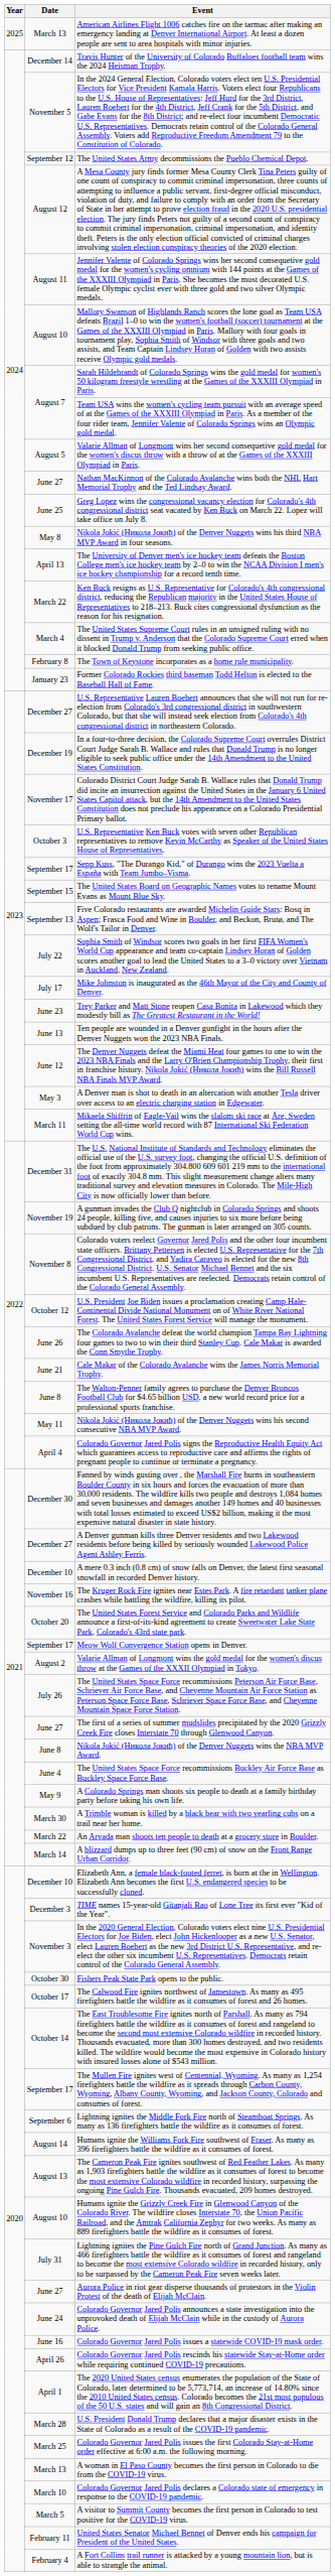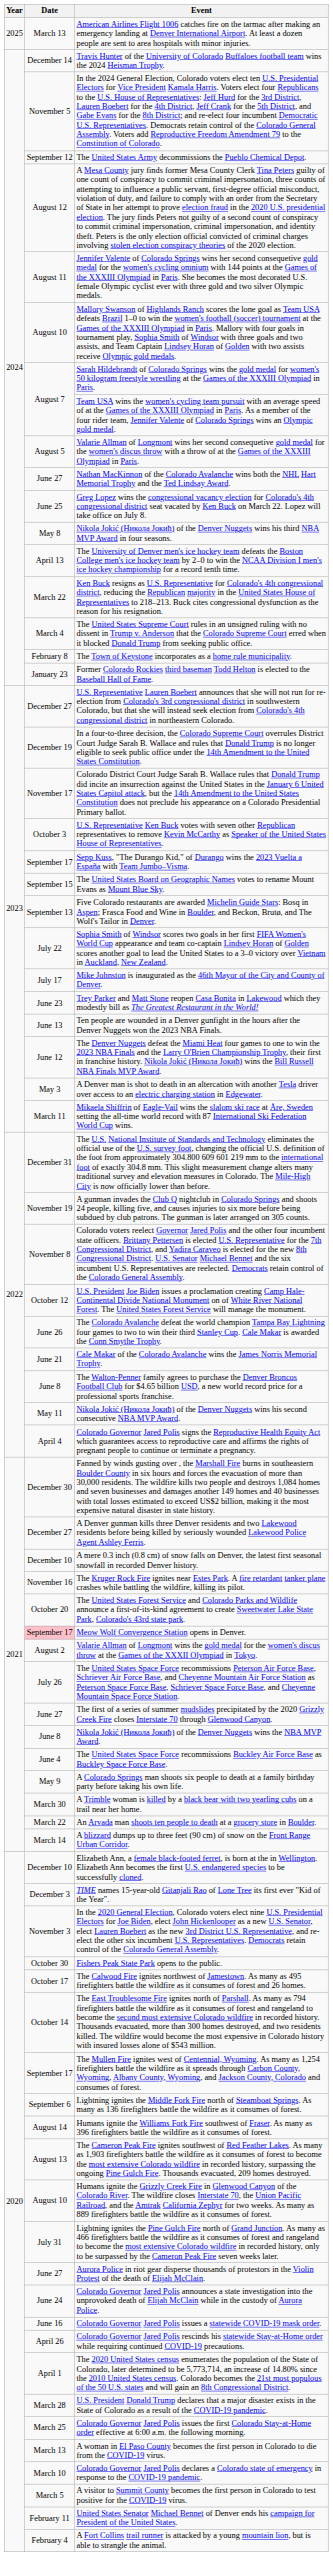 <table class="wikitable" style="width:100%;">
 <tr>
 <th style="width:6%">Year</th>
 <th style="width:8%">Date</th>
 <th style="width:86%">Event</th>
 </tr>
 <tr>
 <td align=center rowspan=1>2025</td>
 <td align=center>March 13</td>
 <td><a href='#'>American Airlines Flight 1006</a> catches fire on the tarmac after making an emergency landing at <a href='#'>Denver International Airport</a>. At least a dozen people are sent to area hospitals with minor injuries.</td>
 </tr>
 <tr>
 <td align=center rowspan=17>2024</td>
 <td align=center>December 14</td>
 <td><a href='#'>Travis Hunter</a> of the <a href='#'>University of Colorado</a> <a href='#'>Buffaloes football team</a> wins the 2024 <a href='#'>Heisman Trophy</a>.</td>
 </tr>
 <tr>
 <td align=center>November 5</td>
 <td>In the 2024 General Election, Colorado voters elect ten <a href='#'>U.S. Presidential Electors</a> for <a href='#'>Vice President</a> <a href='#'>Kamala Harris</a>. Voters elect four <a href='#'>Republicans</a> to the <a href='#'>U.S. House of Representatives</a>: <a href='#'>Jeff Hurd</a> for the <a href='#'>3rd District</a>, <a href='#'>Lauren Boebert</a> for the <a href='#'>4th District</a>, <a href='#'>Jeff Crank</a> for the <a href='#'>5th District</a>, and <a href='#'>Gabe Evans</a> for the <a href='#'>8th District</a>; and re-elect four incumbent <a href='#'>Democratic</a> <a href='#'>U.S. Representatives</a>. Democrats retain control of the <a href='#'>Colorado General Assembly</a>. Voters add <a href='#'>Reproductive Freedom Amendment 79</a> to the <a href='#'>Constitution of Colorado</a>.</td>
 </tr>
 <tr>
 <td align=center>September 12</td>
 <td>The <a href='#'>United States Army</a> decommissions the <a href='#'>Pueblo Chemical Depot</a>.</td>
 </tr>
 <tr>
 <td align=center>August 12</td>
 <td>A <a href='#'>Mesa County</a> jury finds former Mesa County Clerk <a href='#'>Tina Peters</a> guilty of one count of conspiracy to commit criminal impersonation, three counts of attempting to influence a public servant, first-degree official misconduct, violation of duty, and failure to comply with an order from the Secretary of State in her attempt to prove <a href='#'>election fraud</a> in the <a href='#'>2020 U.S. presidential election</a>. The jury finds Peters not guilty of a second count of conspiracy to commit criminal impersonation, criminal impersonation, and identity theft. Peters is the only election official convicted of criminal charges involving <a href='#'>stolen election conspiracy theories</a> of the 2020 election.</td>
 </tr>
 <tr>
 <td align=center>August 11</td>
 <td><a href='#'>Jennifer Valente</a> of <a href='#'>Colorado Springs</a> wins her second consequetive <a href='#'>gold medal</a> for the <a href='#'>women's cycling omnium</a> with 144 points at the <a href='#'>Games of the XXXIII Olympiad</a> in <a href='#'>Paris</a>. She becomes the most decorated U.S. female Olympic cyclist ever with three gold and two silver Olympic medals.</td>
 </tr>
 <tr>
 <td align=center>August 10</td>
 <td><a href='#'>Mallory Swanson</a> of <a href='#'>Highlands Ranch</a> scores the lone goal as <a href='#'>Team USA</a> defeats <a href='#'>Brazil</a> 1–0 to win the <a href='#'>women's football (soccer) tournament</a> at the <a href='#'>Games of the XXXIII Olympiad</a> in <a href='#'>Paris</a>. Mallory with four goals in tournament play, <a href='#'>Sophia Smith</a> of <a href='#'>Windsor</a> with three goals and two assists, and Team Captain <a href='#'>Lindsey Horan</a> of <a href='#'>Golden</a> with two assists receive <a href='#'>Olympic gold medals</a>.</td>
 </tr>
 <tr>
 <td align=center rowspan=2>August 7</td>
 <td><a href='#'>Sarah Hildebrandt</a> of <a href='#'>Colorado Springs</a> wins the <a href='#'>gold medal</a> for <a href='#'>women's 50 kilogram freestyle wrestling</a> at the <a href='#'>Games of the XXXIII Olympiad</a> in <a href='#'>Paris</a>.</td>
 </tr>
 <tr>
 <td><a href='#'>Team USA</a> wins the <a href='#'>women's cycling team pursuit</a> with an average speed of  at the <a href='#'>Games of the XXXIII Olympiad</a> in <a href='#'>Paris</a>. As a member of the four rider team, <a href='#'>Jennifer Valente</a> of <a href='#'>Colorado Springs</a> wins an <a href='#'>Olympic gold medal</a>.</td>
 </tr>
 <tr>
 <td align=center>August 5</td>
 <td><a href='#'>Valarie Allman</a> of <a href='#'>Longmont</a> wins her second consequetive <a href='#'>gold medal</a> for the <a href='#'>women's discus throw</a> with a throw of  at the <a href='#'>Games of the XXXIII Olympiad</a> in <a href='#'>Paris</a>.</td>
 </tr>
 <tr>
 <td align=center>June 27</td>
 <td><a href='#'>Nathan MacKinnon</a> of the <a href='#'>Colorado Avalanche</a> wins both the <a href='#'>NHL</a> <a href='#'>Hart Memorial Trophy</a> and the <a href='#'>Ted Lindsay Award</a>.</td>
 </tr>
 <tr>
 <td align=center>June 25</td>
 <td><a href='#'>Greg Lopez</a> wins the <a href='#'>congressional vacancy election</a> for <a href='#'>Colorado's 4th congressional district</a> seat vacated by <a href='#'>Ken Buck</a> on March 22. Lopez will take office on July 8.</td>
 </tr>
 <tr>
 <td align=center>May 8</td>
 <td><a href='#'>Nikola Jokić (Никола Јокић)</a> of the <a href='#'>Denver Nuggets</a> wins his third <a href='#'>NBA MVP Award</a> in four seasons.</td>
 </tr>
 <tr>
 <td align=center>April 13</td>
 <td>The <a href='#'>University of Denver men's ice hockey team</a> defeats the <a href='#'>Boston College men's ice hockey team</a> by 2–0 to win the <a href='#'>NCAA Division I men's ice hockey championship</a> for a record tenth time.</td>
 </tr>
 <tr>
 <td align=center>March 22</td>
 <td><a href='#'>Ken Buck</a> resigns as <a href='#'>U.S. Representative</a> for <a href='#'>Colorado's 4th congressional district</a>, reducing the <a href='#'>Republican</a> <a href='#'>majority</a> in the <a href='#'>United States House of Representatives</a> to 218–213. Buck cites congressional dysfunction as the reason for his resignation.</td>
 </tr>
 <tr>
 <td align=center>March 4</td>
 <td>The <a href='#'>United States Supreme Court</a> rules in an unsigned ruling with no dissent in <a href='#'>Trump v. Anderson</a> that the <a href='#'>Colorado Supreme Court</a> erred when it blocked <a href='#'>Donald Trump</a> from seeking public office.</td>
 </tr>
 <tr>
 <td align=center>February 8</td>
 <td>The <a href='#'>Town of Keystone</a> incorporates as a <a href='#'>home rule municipality</a>.</td>
 </tr>
 <tr>
 <td align=center>January 23</td>
 <td>Former <a href='#'>Colorado Rockies</a> <a href='#'>third baseman</a> <a href='#'>Todd Helton</a> is elected to the <a href='#'>Baseball Hall of Fame</a>.</td>
 </tr>
 <tr>
 <td align=center rowspan=14>2023</td>
 <td align=center>December 27</td>
 <td><a href='#'>U.S. Representative</a> <a href='#'>Lauren Boebert</a> announces that she will not run for re-election from <a href='#'>Colorado's 3rd congressional district</a> in southwestern Colorado, but that she will instead seek election from <a href='#'>Colorado's 4th congressional district</a> in northeastern Colorado.</td>
 </tr>
 <tr>
 <td align=center>December 19</td>
 <td>In a four-to-three decision, the <a href='#'>Colorado Supreme Court</a> overrules District Court Judge Sarah B. Wallace and rules that <a href='#'>Donald Trump</a> is no longer eligible to seek public office under the <a href='#'>14th Amendment to the United States Constitution</a>.</td>
 </tr>
 <tr>
 <td align=center>November 17</td>
 <td>Colorado District Court Judge Sarah B. Wallace rules that <a href='#'>Donald Trump</a> did incite an insurrection against the United States in the <a href='#'>January 6 United States Capitol attack</a>, but the <a href='#'>14th Amendment to the United States Constitution</a> does not preclude his appearance on a Colorado Presidential Primary ballot.</td>
 </tr>
 <tr>
 <td align=center>October 3</td>
 <td><a href='#'>U.S. Representative</a> <a href='#'>Ken Buck</a> votes with seven other <a href='#'>Republican</a> representatives to remove <a href='#'>Kevin McCarthy</a> as <a href='#'>Speaker of the United States House of Representatives</a>.</td>
 </tr>
 <tr>
 <td align=center>September 17</td>
 <td><a href='#'>Sepp Kuss</a>, "The Durango Kid," of <a href='#'>Durango</a> wins the <a href='#'>2023 Vuelta a España</a> with <a href='#'>Team Jumbo–Visma</a>.</td>
 </tr>
 <tr>
 <td align=center>September 15</td>
 <td>The <a href='#'>United States Board on Geographic Names</a> votes to rename  Mount Evans as <a href='#'>Mount Blue Sky</a>.</td>
 </tr>
 <tr>
 <td align=center>September 13</td>
 <td>Five Colorado restaurants are awarded <a href='#'>Michelin Guide Stars</a>: Bosq in <a href='#'>Aspen</a>; Frasca Food and Wine in <a href='#'>Boulder</a>, and Beckon, Brutø, and The Wolf's Tailor in <a href='#'>Denver</a>.</td>
 </tr>
 <tr>
 <td align=center>July 22</td>
 <td><a href='#'>Sophia Smith</a> of <a href='#'>Windsor</a> scores two goals in her first <a href='#'>FIFA Women's World Cup</a> appearance and team co-captain <a href='#'>Lindsey Horan</a> of <a href='#'>Golden</a> scores another goal to lead the United States to a 3–0 victory over <a href='#'>Vietnam</a> in <a href='#'>Auckland</a>, <a href='#'>New Zealand</a>.</td>
 </tr>
 <tr>
 <td align=center>July 17</td>
 <td><a href='#'>Mike Johnston</a> is inaugurated as the <a href='#'>46th Mayor of the City and County of Denver</a>.</td>
 </tr>
 <tr>
 <td align=center>June 23</td>
 <td><a href='#'>Trey Parker</a> and <a href='#'>Matt Stone</a> reopen <a href='#'>Casa Bonita</a> in <a href='#'>Lakewood</a> which they modestly bill as <em><a href='#'>The Greatest Restaurant in the World!</a></em></td>
 </tr>
 <tr>
 <td align=center>June 13</td>
 <td>Ten people are wounded in a Denver gunfight in the hours after the Denver Nuggets won the 2023 NBA Finals.</td>
 </tr>
 <tr>
 <td align=center>June 12</td>
 <td>The <a href='#'>Denver Nuggets</a> defeat the <a href='#'>Miami Heat</a> four games to one to win the <a href='#'>2023 NBA Finals</a> and the <a href='#'>Larry O'Brien Championship Trophy</a>, their first in franchise history. <a href='#'>Nikola Jokić (Никола Јокић)</a> wins the <a href='#'>Bill Russell NBA Finals MVP Award</a>.</td>
 </tr>
 <tr>
 <td align=center>May 3</td>
 <td>A Denver man is shot to death in an altercation with another <a href='#'>Tesla</a> driver over access to an <a href='#'>electric charging station</a> in <a href='#'>Edgewater</a>.</td>
 </tr>
 <tr>
 <td align=center>March 11</td>
 <td><a href='#'>Mikaela Shiffrin</a> of <a href='#'>Eagle-Vail</a> wins the <a href='#'>slalom ski race</a> at <a href='#'>Åre, Sweden</a> setting the all-time world record with 87 <a href='#'>International Ski Federation</a> <a href='#'>World Cup</a> wins.</td>
 </tr>
 <tr>
 <td align=center rowspan=9>2022</td>
 <td align=center>December 31</td>
 <td>The <a href='#'>U.S.</a> <a href='#'>National Institute of Standards and Technology</a> eliminates the official use of the <a href='#'>U.S. survey foot</a>, changing the official U.S. definition of the foot from approximately 304.800 609 601 219 mm to the <a href='#'>international foot</a> of exactly 304.8 mm. This slight measurement change alters many traditional survey and elevation measures in Colorado. The <a href='#'>Mile-High City</a> is now officially  lower than before.</td>
 </tr>
 <tr>
 <td align=center>November 19</td>
 <td>A gunman invades the <a href='#'>Club Q</a> nightclub in <a href='#'>Colorado Springs</a> and shoots 24 people, killing five, and causes injuries to six more before being subdued by club patrons. The gunman is later arranged on 305 counts.</td>
 </tr>
 <tr>
 <td align=center>November 8</td>
 <td>Colorado voters reelect <a href='#'>Governor</a> <a href='#'>Jared Polis</a> and the other four incumbent state officers. <a href='#'>Brittany Pettersen</a> is elected <a href='#'>U.S. Representative</a> for the <a href='#'>7th Congressional District</a>, and <a href='#'>Yadira Caraveo</a> is elected for the new <a href='#'>8th Congressional District</a>. <a href='#'>U.S. Senator</a> <a href='#'>Michael Bennet</a> and the six incumbent U.S. Representatives are reelected. <a href='#'>Democrats</a> retain control of the <a href='#'>Colorado General Assembly</a>.</td>
 </tr>
 <tr>
 <td align=center>October 12</td>
 <td><a href='#'>U.S. President</a> <a href='#'>Joe Biden</a> issues a proclamation creating <a href='#'>Camp Hale-Continental Divide National Monument</a> on  of <a href='#'>White River National Forest</a>. The <a href='#'>United States Forest Service</a> will manage the monument.</td>
 </tr>
 <tr>
 <td align=center>June 26</td>
 <td>The <a href='#'>Colorado Avalanche</a> defeat the world champion <a href='#'>Tampa Bay Lightning</a> four games to two to win their third <a href='#'>Stanley Cup</a>. <a href='#'>Cale Makar</a> is awarded the <a href='#'>Conn Smythe Trophy</a>.</td>
 </tr>
 <tr>
 <td align=center>June 21</td>
 <td><a href='#'>Cale Makar</a> of the <a href='#'>Colorado Avalanche</a> wins the <a href='#'>James Norris Memorial Trophy</a>.</td>
 </tr>
 <tr>
 <td align=center>June 8</td>
 <td>The <a href='#'>Walton-</a><a href='#'>Penner</a> family agrees to purchase the <a href='#'>Denver Broncos Football Club</a> for $4.65 billion <a href='#'>USD</a>, a new world record price for a professional sports franchise.</td>
 </tr>
 <tr>
 <td align=center>May 11</td>
 <td><a href='#'>Nikola Jokić (Никола Јокић)</a> of the <a href='#'>Denver Nuggets</a> wins his second consecutive <a href='#'>NBA MVP Award</a>.</td>
 </tr>
 <tr>
 <td align=center>April 4</td>
 <td><a href='#'>Colorado Governor</a> <a href='#'>Jared Polis</a> signs the <a href='#'>Reproductive Health Equity Act</a> which guarantees access to reproductive care and affirms the rights of pregnant people to continue or terminate a pregnancy.</td>
 </tr>
 <tr>
 <td align=center rowspan=15>2021</td>
 <td align=center>December 30</td>
 <td>Fanned by winds gusting over , the <a href='#'>Marshall Fire</a> burns  in southeastern <a href='#'>Boulder County</a> in six hours and forces the evacuation of more than 30,000 residents. The wildfire kills two people and destroys 1,084 homes and seven businesses and damages another 149 homes and 40 businesses with total losses estimated to exceed US$2 billion, making it the most expensive natural disaster in state history.</td>
 </tr>
 <tr>
 <td align=center>December 27</td>
 <td>A Denver gunman kills three Denver residents and two <a href='#'>Lakewood</a> residents before being killed by seriously wounded <a href='#'>Lakewood Police Agent Ashley Ferris</a>.</td>
 </tr>
 <tr>
 <td align=center>December 10</td>
 <td>A mere 0.3 inch (0.8 cm) of snow falls on Denver, the latest first seasonal snowfall in recorded Denver history.</td>
 </tr>
 <tr>
 <td align=center>November 16</td>
 <td>The <a href='#'>Kruger Rock Fire</a> ignites near <a href='#'>Estes Park</a>. A <a href='#'>fire retardant</a> <a href='#'>tanker plane</a> crashes while battling the wildfire, killing its pilot.</td>
 </tr>
 <tr>
 <td align=center>October 20</td>
 <td>The <a href='#'>United States Forest Service</a> and <a href='#'>Colorado Parks and Wildlife</a> announce a first-of-its-kind agreement to create <a href='#'>Sweetwater Lake State Park</a>, <a href='#'>Colorado's 43rd state park</a>.</td>
 </tr>
 <tr>
-<td align=center>September 17</td>
+<td align=center style="background: pink;">September 17</td>
 <td><a href='#'>Meow Wolf Convergence Station</a> opens in Denver.</td>
 </tr>
 <tr>
 <td align=center>August 2</td>
 <td><a href='#'>Valarie Allman</a> of <a href='#'>Longmont</a> wins the <a href='#'>gold medal</a> for the <a href='#'>women's discus throw</a> at the <a href='#'>Games of the XXXII Olympiad</a> in <a href='#'>Tokyo</a>.</td>
 </tr>
 <tr>
 <td align=center>July 26</td>
 <td>The <a href='#'>United States Space Force</a> recommissions <a href='#'>Peterson Air Force Base</a>, <a href='#'>Schriever Air Force Base</a>, and <a href='#'>Cheyenne Mountain Air Force Station</a> as <a href='#'>Peterson Space Force Base</a>, <a href='#'>Schriever Space Force Base</a>, and <a href='#'>Cheyenne Mountain Space Force Station</a>.</td>
 </tr>
 <tr>
 <td align=center>June 27</td>
 <td>The first of a series of summer <a href='#'>mudslides</a> precipitated by the 2020 <a href='#'>Grizzly Creek Fire</a> closes <a href='#'>Interstate 70</a> through <a href='#'>Glenwood Canyon</a>.</td>
 </tr>
 <tr>
 <td align=center>June 8</td>
 <td><a href='#'>Nikola Jokić (Никола Јокић)</a> of the <a href='#'>Denver Nuggets</a> wins the <a href='#'>NBA MVP Award</a>.</td>
 </tr>
 <tr>
 <td align=center>June 4</td>
 <td>The <a href='#'>United States Space Force</a> recommissions <a href='#'>Buckley Air Force Base</a> as <a href='#'>Buckley Space Force Base</a>.</td>
 </tr>
 <tr>
 <td align=center>May 9</td>
 <td>A <a href='#'>Colorado Springs</a> man shoots six people to death at a family birthday party before taking his own life.</td>
 </tr>
 <tr>
 <td align=center>March 30</td>
 <td>A <a href='#'>Trimble</a> woman is <a href='#'>killed</a> by a <a href='#'>black bear with two yearling cubs</a> on a trail near her home.</td>
 </tr>
 <tr>
 <td align=center>March 22</td>
 <td>An <a href='#'>Arvada</a> man <a href='#'>shoots ten people to death</a> at a <a href='#'>grocery store</a> in <a href='#'>Boulder</a>.</td>
 </tr>
 <tr>
 <td align=center>March 14</td>
 <td>A <a href='#'>blizzard</a> dumps up to three feet (90 cm) of snow on the <a href='#'>Front Range Urban Corridor</a>.</td>
 </tr>
 <tr>
 <td align=center rowspan=24>2020</td>
 <td align=center>December 10</td>
 <td>Elizabeth Ann, a <a href='#'>female black-footed ferret</a>, is born at the  in <a href='#'>Wellington</a>. Elizabeth Ann becomes the first <a href='#'>U.S. endangered species</a> to be successfully <a href='#'>cloned</a>.</td>
 </tr>
 <tr>
 <td align=center>December 3</td>
 <td><em><a href='#'>TIME</a></em> names 15-year-old <a href='#'>Gitanjali Rao</a> of <a href='#'>Lone Tree</a> its first ever "Kid of the Year".</td>
 </tr>
 <tr>
 <td align=center>November 3</td>
 <td>In the <a href='#'>2020 General Election</a>, Colorado voters elect nine <a href='#'>U.S. Presidential Electors</a> for <a href='#'>Joe Biden</a>, elect <a href='#'>John Hickenlooper</a> as a new <a href='#'>U.S. Senator</a>, elect <a href='#'>Lauren Boebert</a> as the new <a href='#'>3rd District U.S. Representative</a>, and re-elect the other six incumbent <a href='#'>U.S. Representatives</a>. <a href='#'>Democrats</a> retain control of the <a href='#'>Colorado General Assembly</a>.</td>
 </tr>
 <tr>
 <td align=center>October 30</td>
 <td><a href='#'>Fishers Peak State Park</a> opens to the public.</td>
 </tr>
 <tr>
 <td align=center>October 17</td>
 <td>The <a href='#'>Calwood Fire</a> ignites  northwest of <a href='#'>Jamestown</a>. As many as 495 firefighters battle the wildfire as it consumes  of forest and 26 homes.</td>
 </tr>
 <tr>
 <td align=center>October 14</td>
 <td>The <a href='#'>East Troublesome Fire</a> ignites north of <a href='#'>Parshall</a>. As many as 794 firefighters battle the wildfire as it consumes  of forest and rangeland to become the <a href='#'>second most extensive Colorado wildfire</a> in recorded history. Thousands evacuated, more than 300 homes destroyed, and two residents killed. The wildfire would become the most expensive in Colorado history with insured losses alone of $543 million.</td>
 </tr>
 <tr>
 <td align=center>September 17</td>
 <td>The <a href='#'>Mullen Fire</a> ignites  west of <a href='#'>Centennial, Wyoming</a>. As many as 1,254 firefighters battle the wildfire as it spreads through <a href='#'>Carbon County, Wyoming</a>, <a href='#'>Albany County, Wyoming</a>, and <a href='#'>Jackson County, Colorado</a> and consumes  of forest.</td>
 </tr>
 <tr>
 <td align=center>September 6</td>
 <td>Lightning ignites the <a href='#'>Middle Fork Fire</a>  north of <a href='#'>Steamboat Springs</a>. As many as 136 firefighters battle the wildfire as it consumes  of forest.</td>
 </tr>
 <tr>
 <td align=center>August 14</td>
 <td>Humans ignite the <a href='#'>Williams Fork Fire</a>  southwest of <a href='#'>Fraser</a>. As many as 396 firefighters battle the wildfire as it consumes  of forest.</td>
 </tr>
 <tr>
 <td align=center>August 13</td>
 <td>The <a href='#'>Cameron Peak Fire</a> ignites  southwest of <a href='#'>Red Feather Lakes</a>. As many as 1,903 firefighters battle the wildfire as it consumes  of forest to become the <a href='#'>most extensive Colorado wildfire</a> in recorded history, surpassing the ongoing <a href='#'>Pine Gulch Fire</a>. Thousands evacuated, 209 homes destroyed.</td>
 </tr>
 <tr>
 <td align=center>August 10</td>
 <td>Humans ignite the <a href='#'>Grizzly Creek Fire</a> in <a href='#'>Glenwood Canyon</a> of the <a href='#'>Colorado River</a>. The wildfire closes <a href='#'>Interstate 70</a>, the <a href='#'>Union Pacific Railroad</a>, and the <a href='#'>Amtrak</a> <a href='#'>California Zephyr</a> for two weeks. As many as 889 firefighters battle the wildfire as it consumes  of forest.</td>
 </tr>
 <tr>
 <td align=center>July 31</td>
 <td>Lightning ignites the <a href='#'>Pine Gulch Fire</a>  north of <a href='#'>Grand Junction</a>. As many as 466 firefighters battle the wildfire as it consumes  of forest and rangeland to become the <a href='#'>most extensive Colorado wildfire</a> in recorded history, only to be surpassed by the <a href='#'>Cameron Peak Fire</a> seven weeks later.</td>
 </tr>
 <tr>
 <td align=center>June 27</td>
 <td><a href='#'>Aurora Police</a> in riot gear disperse thousands of protestors in the <a href='#'>Violin Protest</a> of the death of <a href='#'>Elijah McClain</a>.</td>
 </tr>
 <tr>
 <td align=center>June 24</td>
 <td><a href='#'>Colorado Governor</a> <a href='#'>Jared Polis</a> announces a state investigation into the unprovoked death of <a href='#'>Elijah McClain</a> while in the custody of <a href='#'>Aurora Police</a>.</td>
 </tr>
 <tr>
 <td align=center>June 16</td>
 <td><a href='#'>Colorado Governor</a> <a href='#'>Jared Polis</a> issues a <a href='#'>statewide COVID-19 mask order</a>.</td>
 </tr>
 <tr>
 <td align=center>April 26</td>
 <td><a href='#'>Colorado Governor</a> <a href='#'>Jared Polis</a> rescinds his <a href='#'>statewide Stay-at-Home order</a> while requiring continued <a href='#'>COVID-19</a> precautions.</td>
 </tr>
 <tr>
 <td align=center>April 1</td>
 <td>The <a href='#'>2020 United States census</a> enumerates the population of the State of Colorado, later determined to be 5,773,714, an increase of 14.80% since the <a href='#'>2010 United States census</a>. Colorado becomes the <a href='#'>21st most populous of the 50 U.S. states</a> and will gain an <a href='#'>8th Congressional District</a>.</td>
 </tr>
 <tr>
 <td align=center>March 28</td>
 <td><a href='#'>U.S. President</a> <a href='#'>Donald Trump</a> declares that a major disaster exists in the State of Colorado as a result of the <a href='#'>COVID-19 pandemic</a>.</td>
 </tr>
 <tr>
 <td align=center>March 25</td>
 <td><a href='#'>Colorado Governor</a> <a href='#'>Jared Polis</a> issues the first <a href='#'>Colorado Stay-at-Home order</a> effective at 6:00 a.m. the following morning.</td>
 </tr>
 <tr>
 <td align=center>March 13</td>
 <td>A woman in <a href='#'>El Paso County</a> becomes the first person in Colorado to die from the <a href='#'>COVID-19</a> virus.</td>
 </tr>
 <tr>
 <td align=center>March 10</td>
 <td><a href='#'>Colorado Governor</a> <a href='#'>Jared Polis</a> declares a <a href='#'>Colorado state of emergency</a> in response to the <a href='#'>COVID-19 pandemic</a>.</td>
 </tr>
 <tr>
 <td align=center>March 5</td>
 <td>A visitor to <a href='#'>Summit County</a> becomes the first person in Colorado to test positive for the <a href='#'>COVID-19</a> virus.</td>
 </tr>
 <tr>
 <td align=center>February 11</td>
 <td><a href='#'>United States Senator</a> <a href='#'>Michael Bennet</a> of Denver ends his <a href='#'>campaign for President of the United States</a>.</td>
 </tr>
 <tr>
 <td align=center>February 4</td>
 <td>A <a href='#'>Fort Collins</a> <a href='#'>trail runner</a> is attacked by a young <a href='#'>mountain lion</a>, but is able to strangle the animal.</td>
 </tr>
 </table>
